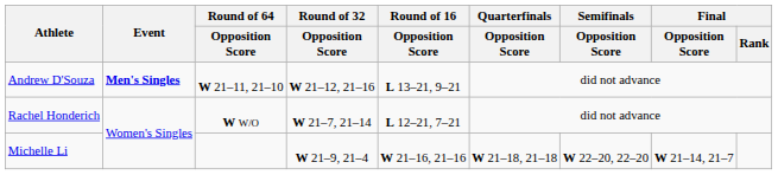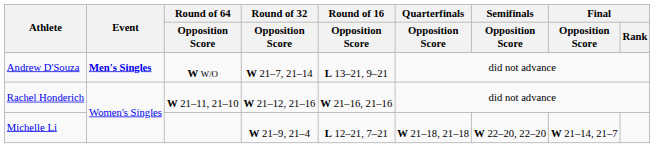 <table class=wikitable style="font-size:90%">
 <tr>
 <th rowspan="2">Athlete</th>
 <th rowspan="2">Event</th>
 <th>Round of 64</th>
 <th>Round of 32</th>
 <th>Round of 16</th>
 <th>Quarterfinals</th>
 <th>Semifinals</th>
 <th colspan="2">Final</th>
 </tr>
 <tr>
 <th>Opposition<br>Score</th>
 <th>Opposition<br>Score</th>
 <th>Opposition<br>Score</th>
 <th>Opposition<br>Score</th>
 <th>Opposition<br>Score</th>
 <th>Opposition<br>Score</th>
 <th>Rank</th>
 </tr>
 <tr align=center>
 <td align=left><a href='#'>Andrew D'Souza</a></td>
 <td align=left><strong><a href='#'>Men's Singles</a></strong></td>
-<td><br> <strong>W</strong> 21–11, 21–10</td>
-<td><br> <strong>W</strong> 21–12, 21–16</td>
+<td><br> <strong>W</strong> <small>W/O</small></td>
+<td><br><strong>W</strong> 21–7, 21–14</td>
 <td><br> <strong>L</strong> 13–21, 9–21</td>
 <td colspan="4">did not advance</td>
 </tr>
 <tr align=center>
 <td align=left><a href='#'>Rachel Honderich</a></td>
 <td align=left rowspan="2"><a href='#'>Women's Singles</a></td>
-<td><br> <strong>W</strong> <small>W/O</small></td>
-<td><br><strong>W</strong> 21–7, 21–14</td>
-<td><br> <strong>L</strong> 12–21, 7–21</td>
+<td><br> <strong>W</strong> 21–11, 21–10</td>
+<td><br> <strong>W</strong> 21–12, 21–16</td>
+<td><br> <strong>W</strong> 21–16, 21–16</td>
 <td colspan="4">did not advance</td>
 </tr>
 <tr align=center>
 <td align=left><a href='#'>Michelle Li</a></td>
 <td></td>
 <td><br> <strong>W</strong> 21–9, 21–4</td>
-<td><br> <strong>W</strong> 21–16, 21–16</td>
+<td><br> <strong>L</strong> 12–21, 7–21</td>
 <td><br> <strong>W</strong> 21–18, 21–18</td>
 <td><br> <strong>W</strong> 22–20, 22–20</td>
 <td><br> <strong>W</strong> 21–14, 21–7</td>
 <td></td>
 </tr>
 </table>
